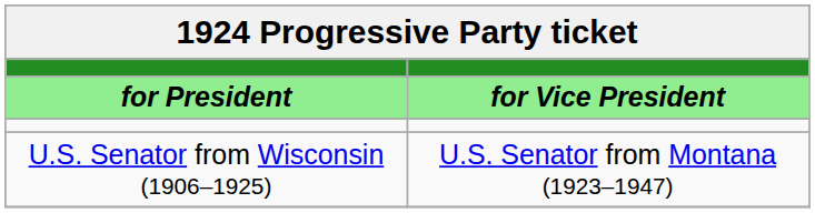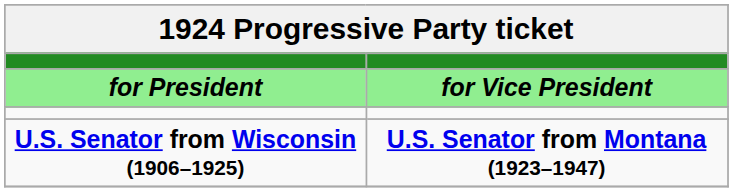 <table class="wikitable" style="font-size:90%; text-align:center;">
 <tr>
 <td style="background:#f1f1f1;" colspan="30"><big><strong>1924 Progressive Party ticket</strong></big></td>
 </tr>
 <tr>
 <th style="width:3em; font-size:135%; background:#228B22; width:200px;"><a href='#'></a></th>
 <th style="width:3em; font-size:135%; background:#228B22; width:200px;"><a href='#'></a></th>
 </tr>
 <tr style="color:#000000; font-size:100%;">
 <td style="width:3em; font-size:100%; color:#000; background:#90EE90; width:200px;"><strong><em>for President</em></strong></td>
 <td style="width:3em; font-size:100%; color:#000; background:#90EE90; width:200px;"><strong><em>for Vice President</em></strong></td>
 </tr>
 <tr>
 <td></td>
 <td></td>
 </tr>
 <tr>
-<td><a href='#'>U.S. Senator</a> from <a href='#'>Wisconsin</a><br><small>(1906–1925)</small></td>
-<td><a href='#'>U.S. Senator</a> from <a href='#'>Montana</a><br><small>(1923–1947)</small></td>
+<td><strong><a href='#'>U.S. Senator</a> from <a href='#'>Wisconsin</a><br><small>(1906–1925)</small></strong></td>
+<td><strong><a href='#'>U.S. Senator</a> from <a href='#'>Montana</a><br><small>(1923–1947)</small></strong></td>
 </tr>
 <tr>
 </tr>
 </table>
